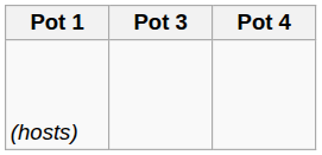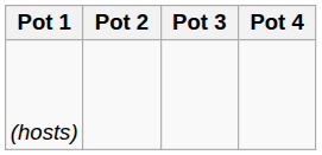 <table class="wikitable">
 <tr>
 <th width=25%>Pot 1</th>
+<th width=25%>Pot 2</th>
 <th width=25%>Pot 3</th>
 <th width=25%>Pot 4</th>
 </tr>
 <tr>
 <td><br> <br>  <br>  <em>(hosts)</em> <br> </td>
 <td><br> <br>  <br>  <br> </td>
 <td><br> <br>  <br>  <br> </td>
+<td><br> <br>  <br>  <br> </td>
 </tr>
 </table>
